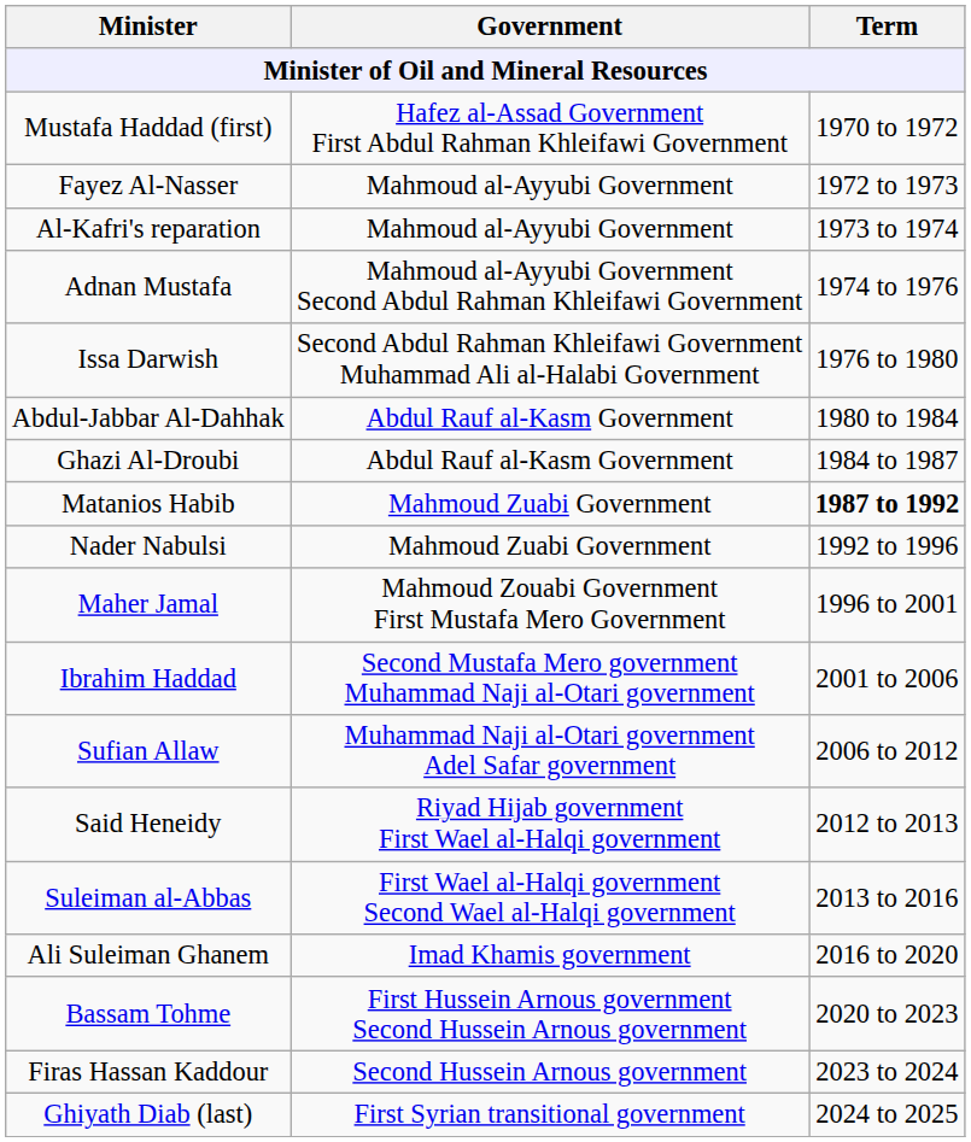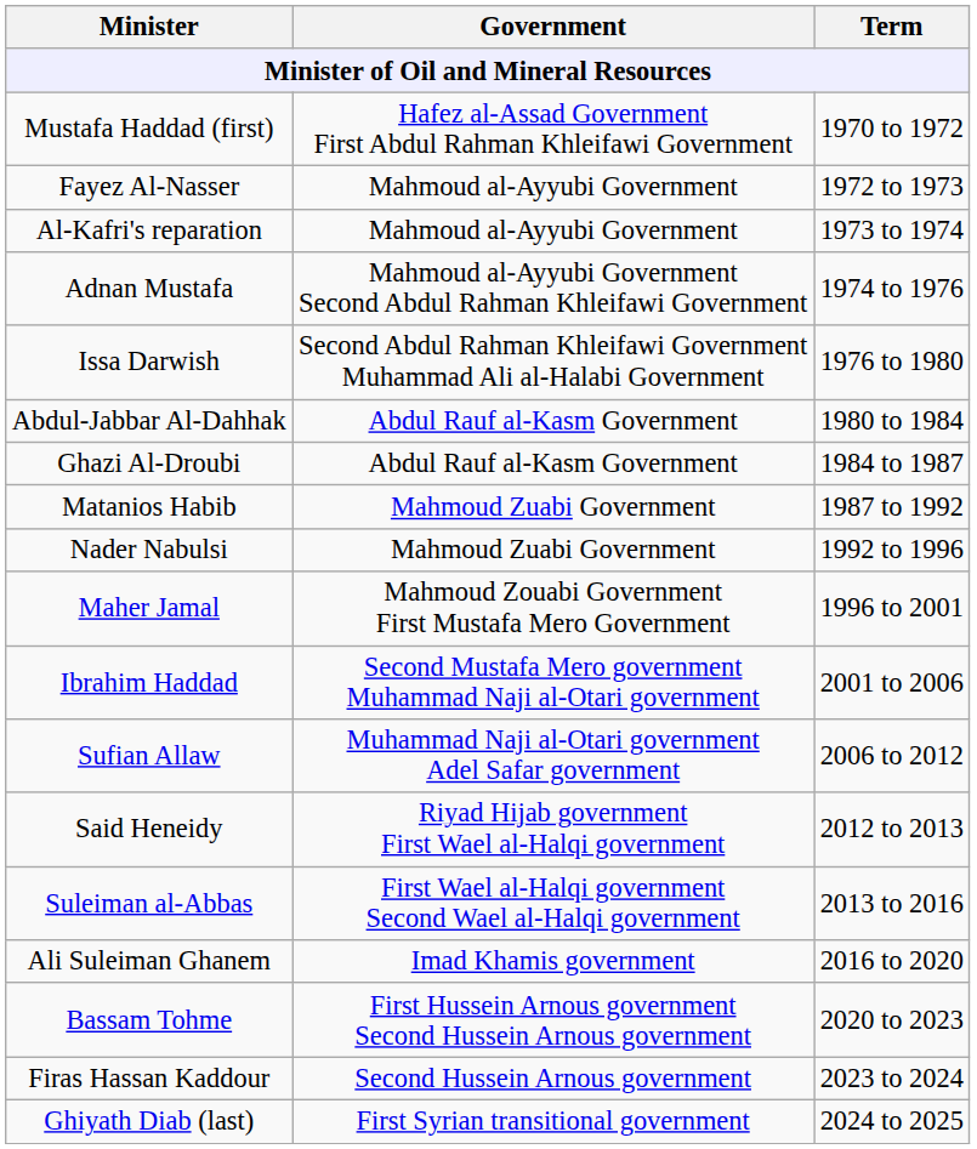 <table class="wikitable" style="text-align:center;">
 <tr>
 <th>Minister</th>
 <th>Government</th>
 <th>Term</th>
 </tr>
 <tr>
 <th style="background:#EEEEFF" colspan="6">Minister of Oil and Mineral Resources</th>
 </tr>
 <tr>
 <td>Mustafa Haddad (first)</td>
 <td><a href='#'>Hafez al-Assad Government</a><br>First Abdul Rahman Khleifawi Government</td>
 <td>1970 to 1972</td>
 </tr>
 <tr>
 <td>Fayez Al-Nasser</td>
 <td>Mahmoud al-Ayyubi Government</td>
 <td>1972 to 1973</td>
 </tr>
 <tr>
 <td>Al-Kafri's reparation</td>
 <td>Mahmoud al-Ayyubi Government</td>
 <td>1973 to 1974</td>
 </tr>
 <tr>
 <td>Adnan Mustafa</td>
 <td>Mahmoud al-Ayyubi Government <br>Second Abdul Rahman Khleifawi Government</td>
 <td>1974 to 1976</td>
 </tr>
 <tr>
 <td>Issa Darwish</td>
 <td>Second Abdul Rahman Khleifawi Government<br>Muhammad Ali al-Halabi Government</td>
 <td>1976 to 1980</td>
 </tr>
 <tr>
 <td>Abdul-Jabbar Al-Dahhak</td>
 <td><a href='#'>Abdul Rauf al-Kasm</a> Government</td>
 <td>1980 to 1984</td>
 </tr>
 <tr>
 <td>Ghazi Al-Droubi</td>
 <td>Abdul Rauf al-Kasm Government</td>
 <td>1984 to 1987</td>
 </tr>
 <tr>
 <td>Matanios Habib</td>
 <td><a href='#'>Mahmoud Zuabi</a> Government</td>
-<td><strong>1987 to 1992</strong></td>
+<td>1987 to 1992</td>
 </tr>
 <tr>
 <td>Nader Nabulsi</td>
 <td>Mahmoud Zuabi Government</td>
 <td>1992 to 1996</td>
 </tr>
 <tr>
 <td><a href='#'>Maher Jamal</a></td>
 <td>Mahmoud Zouabi Government<br>First Mustafa Mero Government</td>
 <td>1996 to 2001</td>
 </tr>
 <tr>
 <td><a href='#'>Ibrahim Haddad</a></td>
 <td><a href='#'>Second Mustafa Mero government</a><br><a href='#'>Muhammad Naji al-Otari government</a></td>
 <td>2001 to 2006</td>
 </tr>
 <tr>
 <td><a href='#'>Sufian Allaw</a></td>
 <td><a href='#'>Muhammad Naji al-Otari government</a><br><a href='#'>Adel Safar government</a></td>
 <td>2006 to 2012</td>
 </tr>
 <tr>
 <td>Said Heneidy</td>
 <td><a href='#'>Riyad Hijab government</a><br><a href='#'>First Wael al-Halqi government</a></td>
 <td>2012 to 2013</td>
 </tr>
 <tr>
 <td><a href='#'>Suleiman al-Abbas</a></td>
 <td><a href='#'>First Wael al-Halqi government</a><br><a href='#'>Second Wael al-Halqi government</a></td>
 <td>2013 to 2016</td>
 </tr>
 <tr>
 <td>Ali Suleiman Ghanem</td>
 <td><a href='#'>Imad Khamis government</a></td>
 <td>2016 to 2020</td>
 </tr>
 <tr>
 <td><a href='#'>Bassam Tohme</a></td>
 <td><a href='#'>First Hussein Arnous government</a><br><a href='#'>Second Hussein Arnous government</a></td>
 <td>2020 to 2023</td>
 </tr>
 <tr>
 <td>Firas Hassan Kaddour</td>
 <td><a href='#'>Second Hussein Arnous government</a></td>
 <td>2023 to 2024</td>
 </tr>
 <tr>
 <td><a href='#'>Ghiyath Diab</a> (last)</td>
 <td><a href='#'>First Syrian transitional government</a></td>
 <td>2024 to 2025</td>
 </tr>
 </table>
